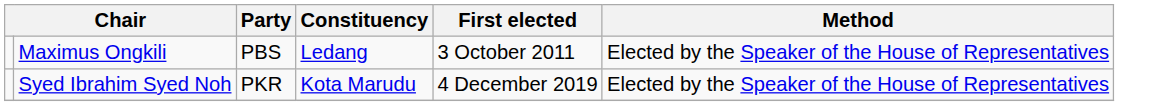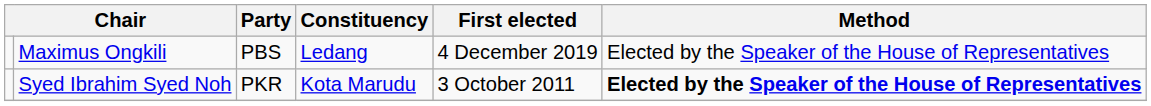 <table class="wikitable">
 <tr>
 <th colspan="2">Chair</th>
 <th>Party</th>
 <th>Constituency</th>
 <th>First elected</th>
 <th>Method</th>
 </tr>
 <tr>
 <td></td>
 <td><a href='#'>Maximus Ongkili</a></td>
 <td>PBS</td>
 <td><a href='#'>Ledang</a></td>
-<td>3 October 2011</td>
+<td>4 December 2019</td>
 <td>Elected by the <a href='#'>Speaker of the House of Representatives</a></td>
 </tr>
 <tr>
 <td></td>
 <td><a href='#'>Syed Ibrahim Syed Noh</a></td>
 <td>PKR</td>
 <td><a href='#'>Kota Marudu</a></td>
-<td>4 December 2019</td>
-<td>Elected by the <a href='#'>Speaker of the House of Representatives</a></td>
+<td>3 October 2011</td>
+<td><strong>Elected by the <a href='#'>Speaker of the House of Representatives</a></strong></td>
 </tr>
 <tr>
 </tr>
 </table>
